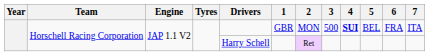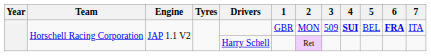 <table class="wikitable" style="text-align:center; font-size:95%">
 <tr>
 <th>Year</th>
 <th>Team</th>
 <th>Engine</th>
 <th>Tyres</th>
 <th>Drivers</th>
 <th>1</th>
 <th>2</th>
 <th>3</th>
 <th>4</th>
 <th>5</th>
 <th>6</th>
 <th>7</th>
 </tr>
 <tr>
 <th rowspan="2"></th>
 <td rowspan="2"><a href='#'>Horschell Racing Corporation</a></td>
 <td rowspan="2"><a href='#'>JAP</a> 1.1 V2</td>
 <td rowspan="2"></td>
 <td></td>
 <td><a href='#'>GBR</a></td>
 <td><a href='#'>MON</a></td>
-<td><a href='#'>500</a></td>
+<td><a href='#'>509</a></td>
 <td><strong><a href='#'>SUI</a></strong></td>
 <td><a href='#'>BEL</a></td>
-<td><a href='#'>FRA</a></td>
+<td><strong><a href='#'>FRA</a></strong></td>
 <td><a href='#'>ITA</a></td>
 </tr>
 <tr>
 <td> <a href='#'>Harry Schell</a></td>
 <td></td>
 <td style="background:#EFCFFF;"><small>Ret</small></td>
 <td></td>
 <td></td>
 <td></td>
 <td></td>
 <td></td>
 </tr>
 </table>
